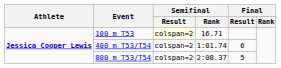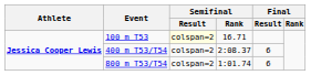 <table class="wikitable" style="font-size:90%">
 <tr>
 <th rowspan="2">Athlete</th>
 <th rowspan="2">Event</th>
 <th colspan="2">Semifinal</th>
 <th colspan="2">Final</th>
 </tr>
 <tr style="font-size:95%">
 <th>Result</th>
 <th>Rank</th>
 <th>Result</th>
 <th>Rank</th>
 </tr>
 <tr align=center>
 <td align=left rowspan=3><strong><a href='#'>Jessica Cooper Lewis</a></strong></td>
 <td align=left><a href='#'>100 m T53</a></td>
 <td style="background: lightyellow;">colspan=2 </td>
 <td>16.71 <strong></strong></td>
 <td></td>
 </tr>
 <tr align=center>
 <td align=left><a href='#'>400 m T53/T54</a></td>
 <td>colspan=2 </td>
-<td>1:01.74</td>
+<td>2:08.37</td>
 <td>6</td>
 </tr>
 <tr align=center>
 <td align=left><a href='#'>800 m T53/T54</a></td>
 <td>colspan=2 </td>
-<td>2:08.37</td>
-<td>5</td>
+<td>1:01.74</td>
+<td>6</td>
 </tr>
 </table>
